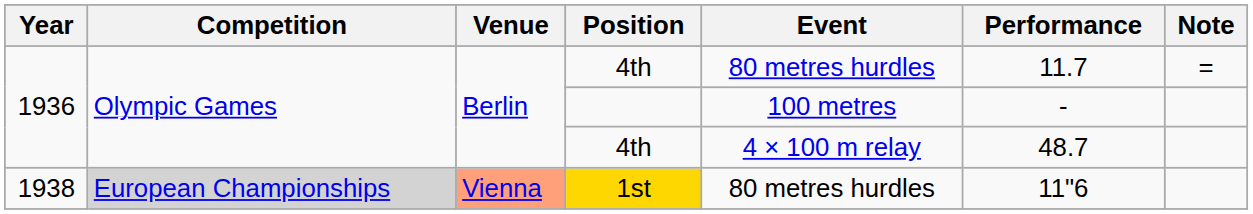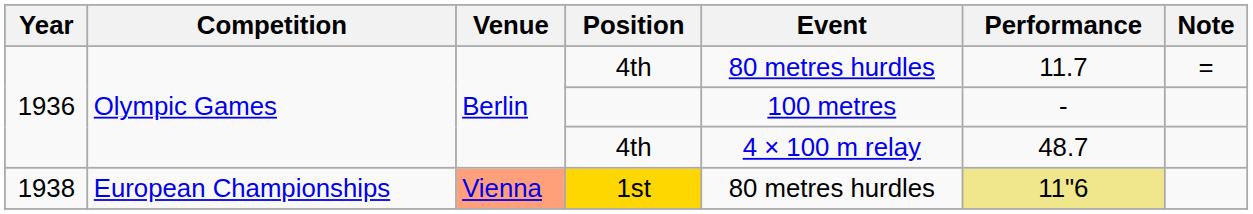 <table class="wikitable" width=55% style="font-size:90%; text-align:center;">
 <tr>
 <th>Year</th>
 <th>Competition</th>
 <th>Venue</th>
 <th>Position</th>
 <th>Event</th>
 <th>Performance</th>
 <th>Note</th>
 </tr>
 <tr>
 <td rowspan=3>1936</td>
 <td rowspan=3 align=left><a href='#'>Olympic Games</a></td>
 <td rowspan=3 align=left> <a href='#'>Berlin</a></td>
 <td>4th</td>
 <td><a href='#'>80 metres hurdles</a></td>
 <td>11.7</td>
 <td> =</td>
 </tr>
 <tr>
 <td></td>
 <td><a href='#'>100 metres</a></td>
 <td>-</td>
 <td></td>
 </tr>
 <tr>
 <td>4th</td>
 <td><a href='#'>4 × 100 m relay</a></td>
 <td>48.7</td>
 <td></td>
 </tr>
 <tr>
 <td>1938</td>
-<td align=left style="background: lightgrey;"><a href='#'>European Championships</a></td>
+<td align=left><a href='#'>European Championships</a></td>
 <td align=left style="background: lightsalmon;"> <a href='#'>Vienna</a></td>
 <td bgcolor=gold>1st</td>
 <td>80 metres hurdles</td>
-<td>11"6</td>
+<td style="background: khaki;">11"6</td>
 <td></td>
 </tr>
 </table>
